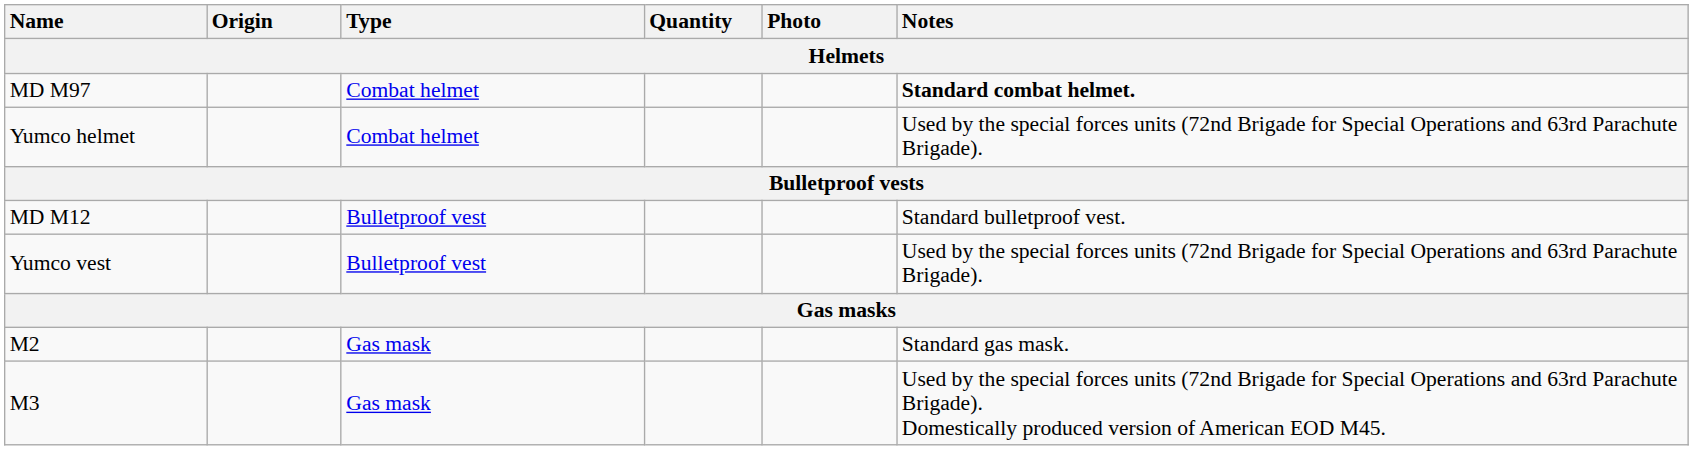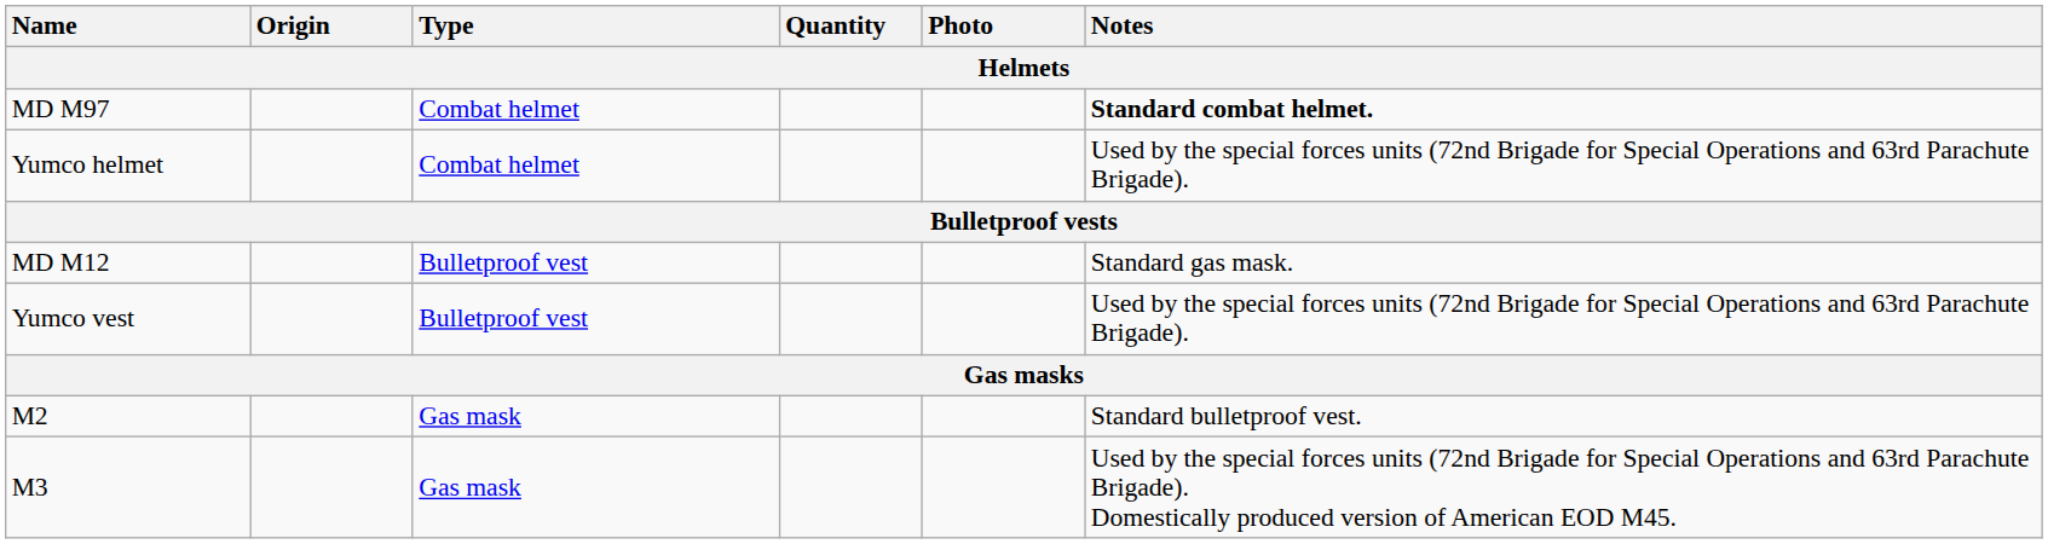 <table class="wikitable">
 <tr>
 <th style="text-align: left; width:12%;">Name</th>
 <th style="text-align: left; width:8%;">Origin</th>
 <th style="text-align: left; width:18%;">Type</th>
 <th style="text-align: left; width:7%;">Quantity</th>
 <th style="text-align: left;width:8%;">Photo</th>
 <th style="text-align: left;width:47%;">Notes</th>
 </tr>
 <tr>
 <th style="align: center;" colspan="7">Helmets</th>
 </tr>
 <tr>
 <td>MD M97</td>
 <td></td>
 <td><a href='#'>Combat helmet</a></td>
 <td></td>
 <td></td>
 <td><strong>Standard combat helmet.</strong></td>
 </tr>
 <tr>
 <td>Yumco helmet</td>
 <td></td>
 <td><a href='#'>Combat helmet</a></td>
 <td></td>
 <td></td>
 <td>Used by the special forces units (72nd Brigade for Special Operations and 63rd Parachute Brigade).</td>
 </tr>
 <tr>
 <th style="align: center;" colspan="7">Bulletproof vests</th>
 </tr>
 <tr>
 <td>MD M12</td>
 <td></td>
 <td><a href='#'>Bulletproof vest</a></td>
 <td></td>
 <td></td>
-<td>Standard bulletproof vest.</td>
+<td>Standard gas mask.</td>
 </tr>
 <tr>
 <td>Yumco vest</td>
 <td></td>
 <td><a href='#'>Bulletproof vest</a></td>
 <td></td>
 <td></td>
 <td>Used by the special forces units (72nd Brigade for Special Operations and 63rd Parachute Brigade).</td>
 </tr>
 <tr>
 <th style="align: center;" colspan="7">Gas masks</th>
 </tr>
 <tr>
 <td>M2</td>
 <td></td>
 <td><a href='#'>Gas mask</a></td>
 <td></td>
 <td></td>
-<td>Standard gas mask.</td>
+<td>Standard bulletproof vest.</td>
 </tr>
 <tr>
 <td>M3</td>
 <td></td>
 <td><a href='#'>Gas mask</a></td>
 <td></td>
 <td></td>
 <td>Used by the special forces units (72nd Brigade for Special Operations and 63rd Parachute Brigade).<br>Domestically produced version of American EOD M45.</td>
 </tr>
 </table>
